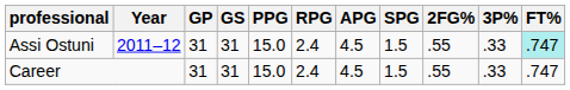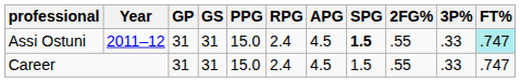 <table class="wikitable sortable">
 <tr>
 <th class=unsortable>professional</th>
 <th>Year</th>
 <th>GP</th>
 <th>GS</th>
 <th>PPG</th>
 <th>RPG</th>
 <th>APG</th>
 <th>SPG</th>
 <th>2FG%</th>
 <th>3P%</th>
 <th>FT%</th>
 </tr>
 <tr>
 <td>Assi Ostuni</td>
 <td><a href='#'>2011–12</a></td>
 <td>31</td>
 <td>31</td>
 <td>15.0</td>
 <td>2.4</td>
 <td>4.5</td>
-<td>1.5</td>
+<td><strong>1.5</strong></td>
 <td>.55</td>
 <td>.33</td>
 <td style="background: paleturquoise;">.747</td>
 </tr>
 <tr class=sortbottom>
 <td colspan=2>Career</td>
 <td>31</td>
 <td>31</td>
 <td>15.0</td>
 <td>2.4</td>
 <td>4.5</td>
 <td>1.5</td>
 <td>.55</td>
 <td>.33</td>
 <td>.747</td>
 </tr>
 </table>
